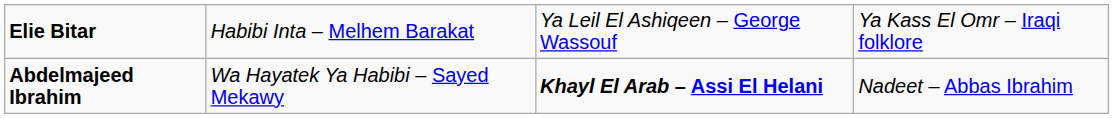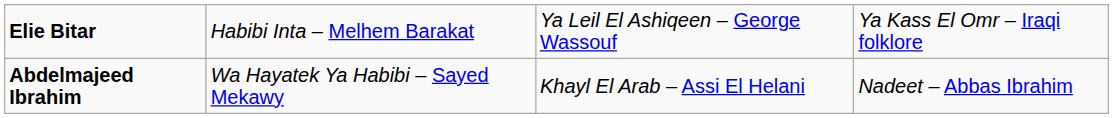 <table class="wikitable" style="margin:1em auto;">
 <tr>
 <td><strong>Elie Bitar</strong></td>
 <td><em>Habibi Inta</em> – <a href='#'>Melhem Barakat</a></td>
 <td><em>Ya Leil El Ashiqeen</em> – <a href='#'>George Wassouf</a></td>
 <td><em>Ya Kass El Omr</em> – <a href='#'>Iraqi folklore</a></td>
 </tr>
 <tr>
 <td><strong>Abdelmajeed Ibrahim</strong></td>
 <td><em>Wa Hayatek Ya Habibi</em> – <a href='#'>Sayed Mekawy</a></td>
-<td><strong><em>Khayl El Arab</em> – <a href='#'>Assi El Helani</a></strong></td>
+<td><em>Khayl El Arab</em> – <a href='#'>Assi El Helani</a></td>
 <td><em>Nadeet</em> – <a href='#'>Abbas Ibrahim</a></td>
 </tr>
 </table>
